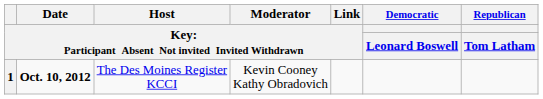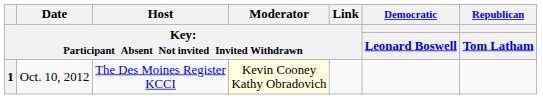 <table class="wikitable" style="text-align:center;">
 <tr>
 <th scope="col"></th>
 <th scope="col">Date</th>
 <th scope="col">Host</th>
 <th scope="col">Moderator</th>
 <th scope="col">Link</th>
 <th scope="col"><small><a href='#'>Democratic</a></small></th>
 <th scope="col"><small><a href='#'>Republican</a></small></th>
 </tr>
 <tr>
 <th colspan="5" rowspan="2">Key:<br> <small>Participant </small>  <small>Absent </small>  <small>Not invited </small>  <small>Invited  Withdrawn</small></th>
 <th scope="col" style="background:"></th>
 <th scope="col" style="background:"></th>
 </tr>
 <tr>
 <th scope="col"><a href='#'>Leonard Boswell</a></th>
 <th scope="col"><a href='#'>Tom Latham</a></th>
 </tr>
 <tr>
 <th>1</th>
-<td style="white-space:nowrap;"><strong>Oct. 10, 2012</strong></td>
+<td style="white-space:nowrap;">Oct. 10, 2012</td>
 <td style="white-space:nowrap;"><a href='#'>The Des Moines Register</a><br><a href='#'>KCCI</a></td>
-<td style="white-space:nowrap;">Kevin Cooney<br>Kathy Obradovich</td>
+<td style="background: lightyellow; white-space:nowrap;">Kevin Cooney<br>Kathy Obradovich</td>
 <td style="white-space:nowrap;"></td>
 <td></td>
 <td></td>
 </tr>
 </table>
